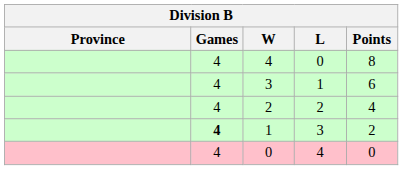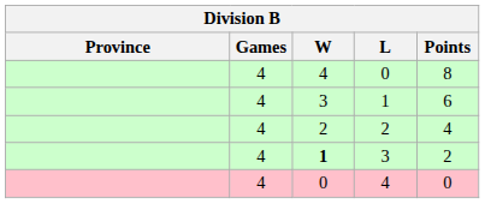 <table class="wikitable" style="text-align:center">
 <tr>
 <th colspan="6" width="400">Division B</th>
 </tr>
 <tr>
 <th width="200">Province</th>
 <th width="50">Games</th>
 <th width="50">W</th>
 <th width="50">L</th>
 <th width="50">Points</th>
 </tr>
 <tr style="background:#ccffcc">
 <td style="text-align:left"></td>
 <td>4</td>
 <td>4</td>
 <td>0</td>
 <td>8</td>
 </tr>
 <tr style="background:#ccffcc">
 <td style="text-align:left"></td>
 <td>4</td>
 <td>3</td>
 <td>1</td>
 <td>6</td>
 </tr>
 <tr style="background:#ccffcc">
 <td style="text-align:left"></td>
 <td>4</td>
 <td>2</td>
 <td>2</td>
 <td>4</td>
 </tr>
 <tr style="background:#ccffcc">
 <td style="text-align:left"></td>
-<td><strong>4</strong></td>
-<td>1</td>
+<td>4</td>
+<td><strong>1</strong></td>
 <td>3</td>
 <td>2</td>
 </tr>
 <tr style="background:pink">
 <td style="text-align:left"></td>
 <td>4</td>
 <td>0</td>
 <td>4</td>
 <td>0</td>
 </tr>
 </table>
